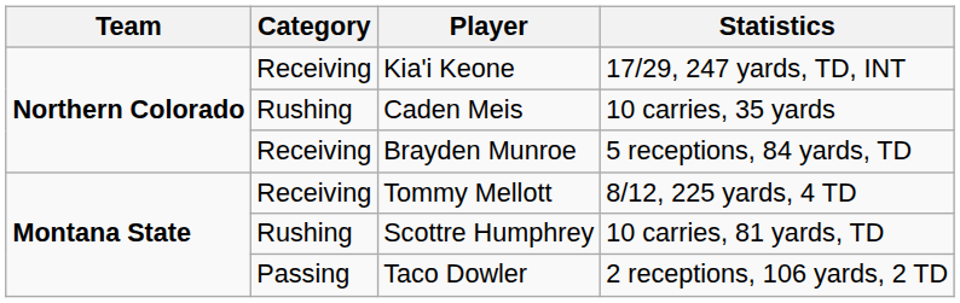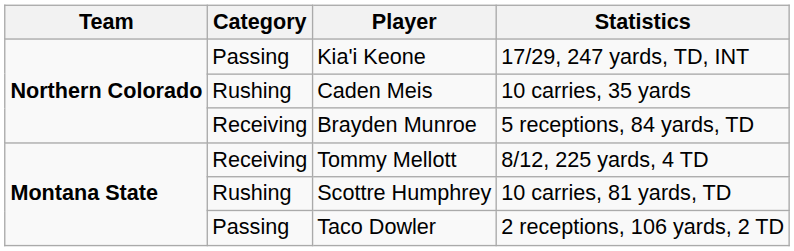 <table class="wikitable" style="float: right;">
 <tr>
 <th>Team</th>
 <th>Category</th>
 <th>Player</th>
 <th>Statistics</th>
 </tr>
 <tr>
 <td rowspan=3><strong>Northern Colorado</strong></td>
-<td>Receiving</td>
+<td>Passing</td>
 <td>Kia'i Keone</td>
 <td>17/29, 247 yards, TD, INT</td>
 </tr>
 <tr>
 <td>Rushing</td>
 <td>Caden Meis</td>
 <td>10 carries, 35 yards</td>
 </tr>
 <tr>
 <td>Receiving</td>
 <td>Brayden Munroe</td>
 <td>5 receptions, 84 yards, TD</td>
 </tr>
 <tr>
 <td rowspan=3><strong>Montana State</strong></td>
 <td>Receiving</td>
 <td>Tommy Mellott</td>
 <td>8/12, 225 yards, 4 TD</td>
 </tr>
 <tr>
 <td>Rushing</td>
 <td>Scottre Humphrey</td>
 <td>10 carries, 81 yards, TD</td>
 </tr>
 <tr>
 <td>Passing</td>
 <td>Taco Dowler</td>
 <td>2 receptions, 106 yards, 2 TD</td>
 </tr>
 </table>
